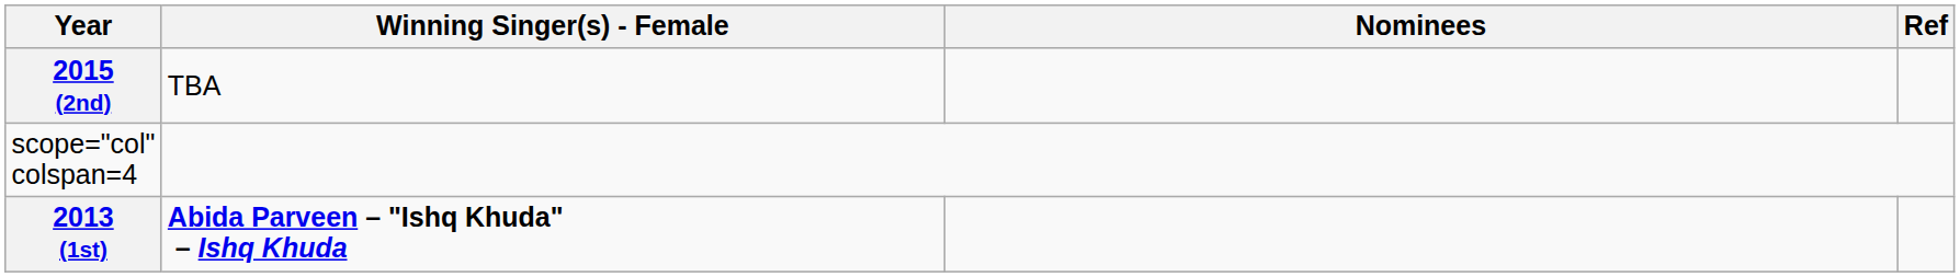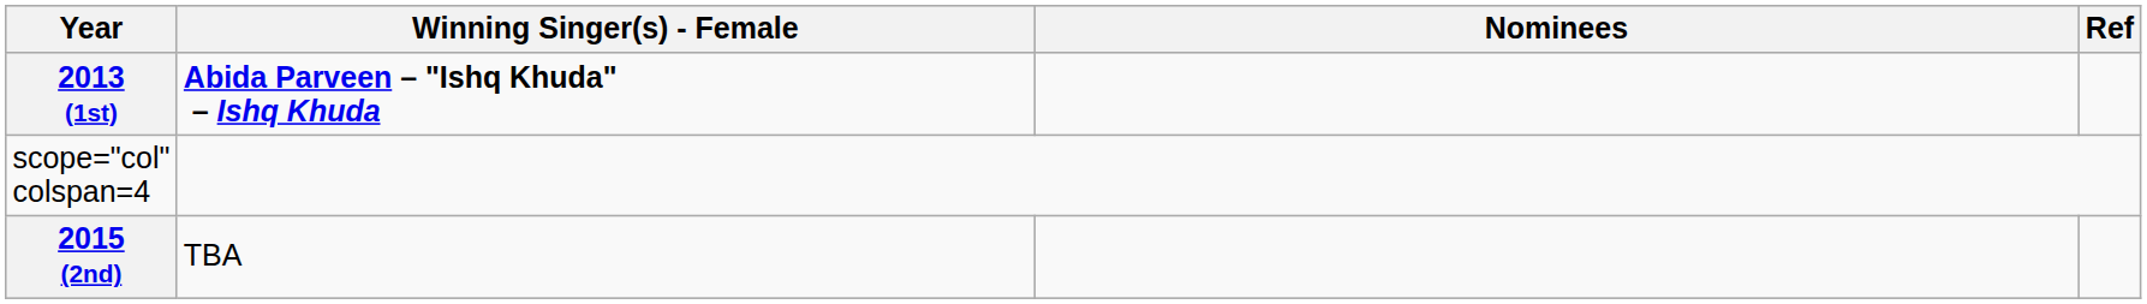 <table class="wikitable">
 <tr>
 <th width="50">Year</th>
 <th style="width:450px;">Winning Singer(s) - Female</th>
 <th style="width:550px;">Nominees</th>
 <th style="width:10px;">Ref</th>
 </tr>
 <tr>
-<th style="text-align:center;"></strong><a href='#'>2015</a><strong><br><small><a href='#'>(2nd)</a></small></th>
-<td>TBA</td>
+<th style="text-align:center;"><strong><a href='#'>2013</a></strong><br><small><a href='#'>(1st)</a></small></th>
+<td><strong><a href='#'>Abida Parveen</a> – "Ishq Khuda"<br> – <em><a href='#'>Ishq Khuda</a><strong><em></td>
 <td></td>
 <td style="text-align:center;"></td>
 </tr>
 <tr>
 <td>scope="col" colspan=4 </td>
 </tr>
 <tr>
-<th style="text-align:center;"><strong><a href='#'>2013</a></strong><br><small><a href='#'>(1st)</a></small></th>
-<td><strong><a href='#'>Abida Parveen</a> – "Ishq Khuda"<br> – <em><a href='#'>Ishq Khuda</a><strong><em></td>
+<th style="text-align:center;"></strong><a href='#'>2015</a><strong><br><small><a href='#'>(2nd)</a></small></th>
+<td>TBA</td>
 <td></td>
 <td style="text-align:center;"></td>
 </tr>
 </table>
